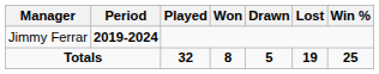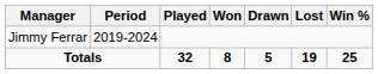 <table class="wikitable sortable" style="text-align:center;">
 <tr>
 <th>Manager</th>
 <th>Period</th>
 <th>Played</th>
 <th>Won</th>
 <th>Drawn</th>
 <th>Lost</th>
 <th>Win %</th>
 </tr>
 <tr>
 <td style="text-align: left;"> Jimmy Ferrar</td>
-<td><strong>2019-2024<br></strong></td>
+<td>2019-2024<br></td>
 </tr>
 <tr>
 <td colspan="2"><strong>Totals</strong></td>
 <td><strong>32</strong></td>
 <td><strong>8</strong></td>
 <td><strong>5</strong></td>
 <td><strong>19</strong></td>
 <td><strong>25</strong></td>
 </tr>
 </table>
